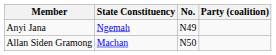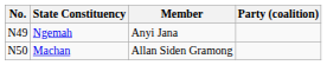 <table class="wikitable">
 <tr>
+<th>No.</th>
+<th>State Constituency</th>
 <th>Member</th>
-<th>State Constituency</th>
-<th>No.</th>
 <th>Party (coalition)</th>
 </tr>
 <tr>
+<td>N49</td>
+<td><a href='#'>Ngemah</a></td>
 <td>Anyi Jana</td>
-<td><a href='#'>Ngemah</a></td>
-<td>N49</td>
 <td></td>
 </tr>
 <tr>
+<td>N50</td>
+<td><a href='#'>Machan</a></td>
 <td>Allan Siden Gramong</td>
-<td><a href='#'>Machan</a></td>
-<td>N50</td>
 <td></td>
 </tr>
 </table>
